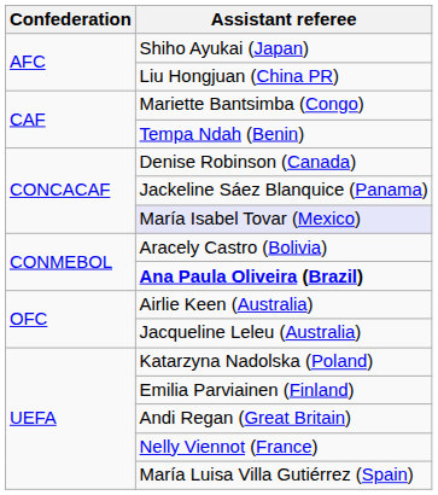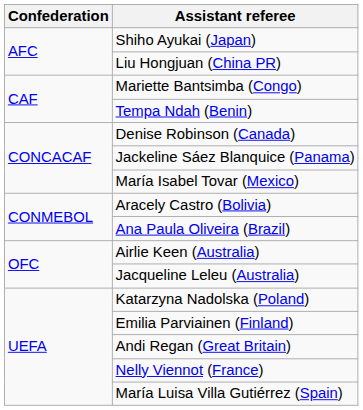 <table class="wikitable">
 <tr>
 <th>Confederation</th>
 <th>Assistant referee</th>
 </tr>
 <tr>
 <td rowspan="2"><a href='#'>AFC</a></td>
 <td>Shiho Ayukai (<a href='#'>Japan</a>)</td>
 </tr>
 <tr>
 <td>Liu Hongjuan (<a href='#'>China PR</a>)</td>
 </tr>
 <tr>
 <td rowspan="2"><a href='#'>CAF</a></td>
 <td>Mariette Bantsimba (<a href='#'>Congo</a>)</td>
 </tr>
 <tr>
 <td><a href='#'>Tempa Ndah</a> (<a href='#'>Benin</a>)</td>
 </tr>
 <tr>
 <td rowspan="3"><a href='#'>CONCACAF</a></td>
 <td>Denise Robinson (<a href='#'>Canada</a>)</td>
 </tr>
 <tr>
 <td>Jackeline Sáez Blanquice (<a href='#'>Panama</a>)</td>
 </tr>
 <tr>
-<td style="background: lavender;">María Isabel Tovar (<a href='#'>Mexico</a>)</td>
+<td>María Isabel Tovar (<a href='#'>Mexico</a>)</td>
 </tr>
 <tr>
 <td rowspan="2"><a href='#'>CONMEBOL</a></td>
 <td>Aracely Castro (<a href='#'>Bolivia</a>)</td>
 </tr>
 <tr>
-<td><strong><a href='#'>Ana Paula Oliveira</a> (<a href='#'>Brazil</a>)</strong></td>
+<td><a href='#'>Ana Paula Oliveira</a> (<a href='#'>Brazil</a>)</td>
 </tr>
 <tr>
 <td rowspan="2"><a href='#'>OFC</a></td>
 <td>Airlie Keen (<a href='#'>Australia</a>)</td>
 </tr>
 <tr>
 <td>Jacqueline Leleu (<a href='#'>Australia</a>)</td>
 </tr>
 <tr>
 <td rowspan="5"><a href='#'>UEFA</a></td>
 <td>Katarzyna Nadolska (<a href='#'>Poland</a>)</td>
 </tr>
 <tr>
 <td>Emilia Parviainen (<a href='#'>Finland</a>)</td>
 </tr>
 <tr>
 <td>Andi Regan (<a href='#'>Great Britain</a>)</td>
 </tr>
 <tr>
 <td><a href='#'>Nelly Viennot</a> (<a href='#'>France</a>)</td>
 </tr>
 <tr>
 <td>María Luisa Villa Gutiérrez (<a href='#'>Spain</a>)</td>
 </tr>
 </table>
